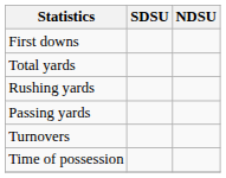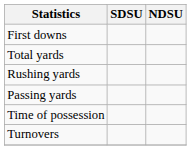 <table class="wikitable">
 <tr>
 <th>Statistics</th>
 <th>SDSU</th>
 <th>NDSU</th>
 </tr>
 <tr>
 <td>First downs</td>
 <td></td>
 <td></td>
 </tr>
 <tr>
 <td>Total yards</td>
 <td></td>
 <td></td>
 </tr>
 <tr>
 <td>Rushing yards</td>
 <td></td>
 <td></td>
 </tr>
 <tr>
 <td>Passing yards</td>
 <td></td>
 <td></td>
 </tr>
 <tr>
-<td>Turnovers</td>
+<td>Time of possession</td>
 <td></td>
 <td></td>
 </tr>
 <tr>
-<td>Time of possession</td>
+<td>Turnovers</td>
 <td></td>
 <td></td>
 </tr>
 <tr>
 </tr>
 </table>
